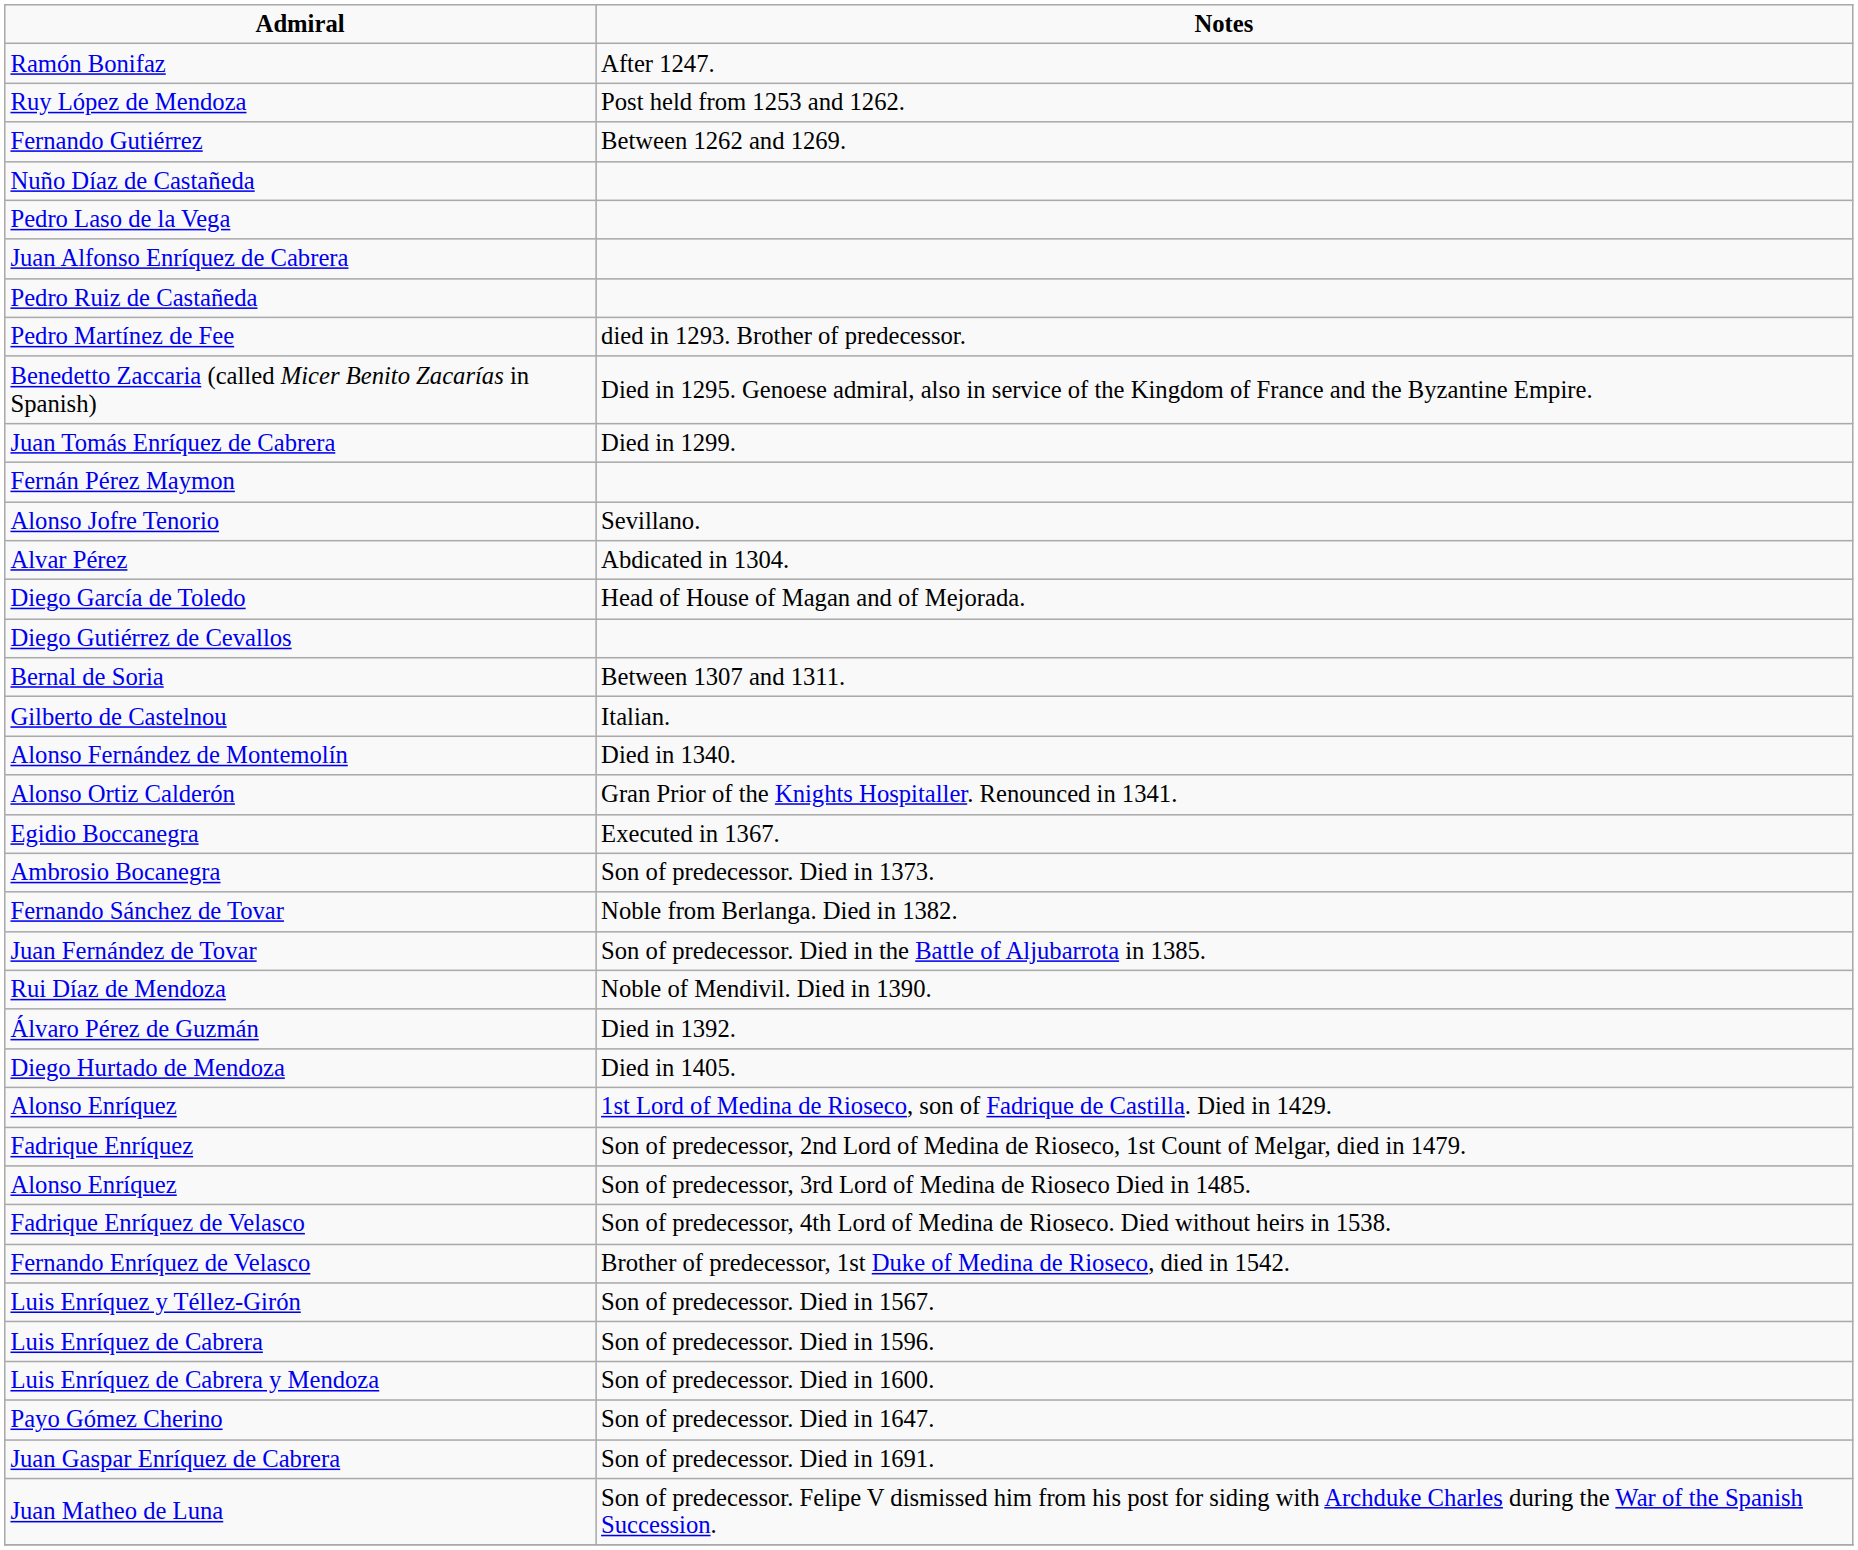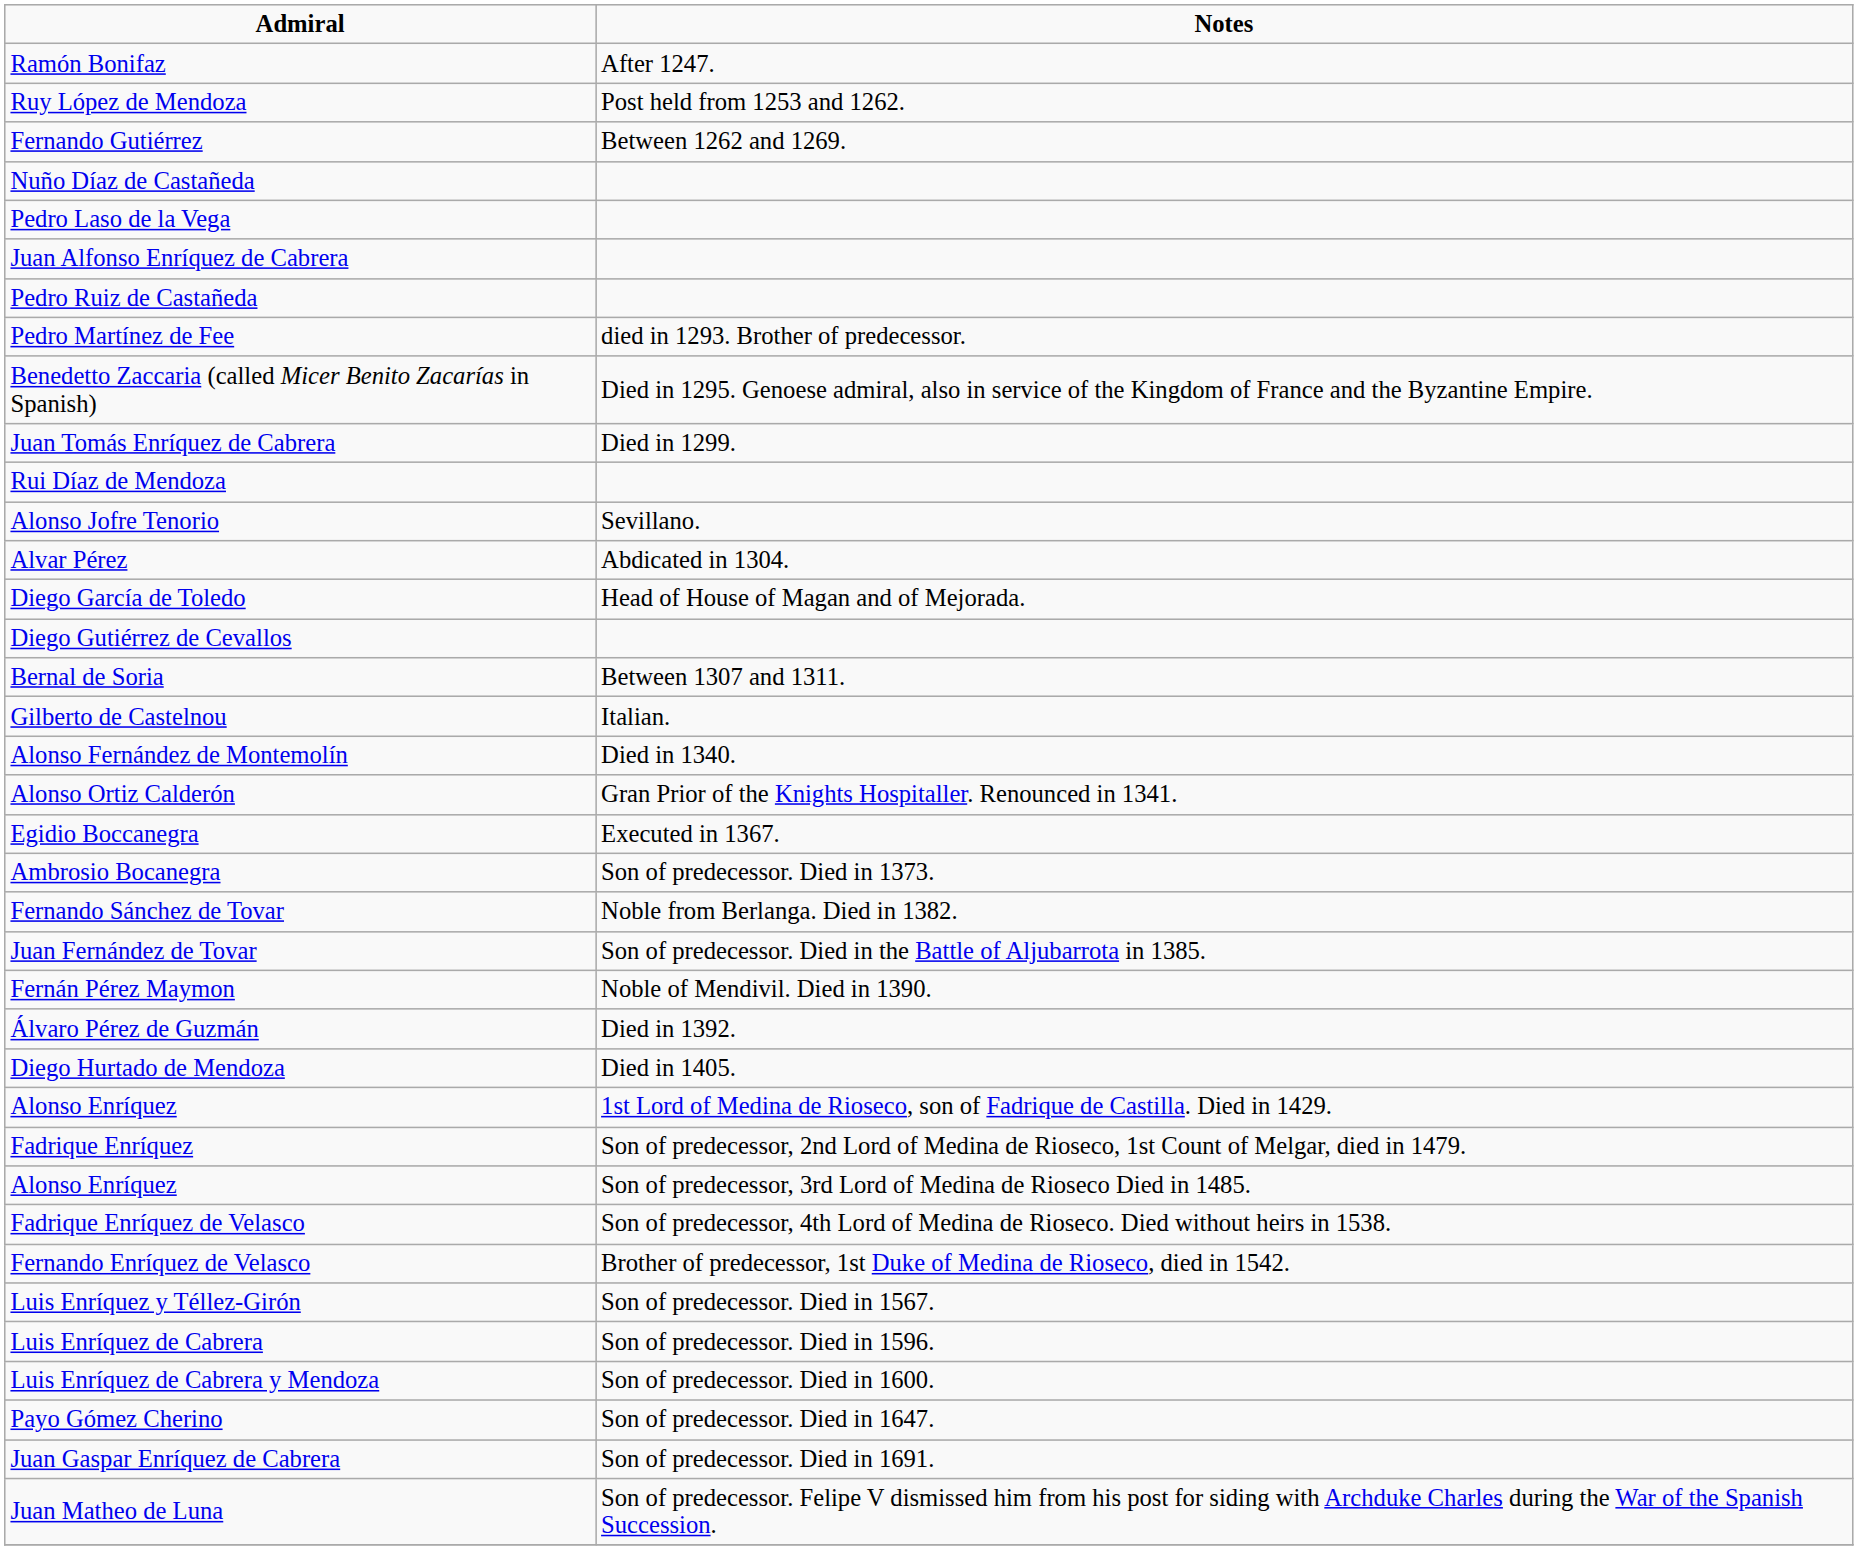 <table class="wikitable" align=center width=95%>
 <tr>
 <td align=center><strong>Admiral</strong></td>
 <td align=center><strong>Notes</strong></td>
 </tr>
 <tr>
 <td><a href='#'>Ramón Bonifaz</a></td>
 <td>After 1247.</td>
 </tr>
 <tr>
 <td><a href='#'>Ruy López de Mendoza</a></td>
 <td>Post held from 1253 and 1262.</td>
 </tr>
 <tr>
 <td><a href='#'>Fernando Gutiérrez</a></td>
 <td>Between 1262 and 1269.</td>
 </tr>
 <tr>
 <td><a href='#'>Nuño Díaz de Castañeda</a></td>
 <td></td>
 </tr>
 <tr>
 <td><a href='#'>Pedro Laso de la Vega</a></td>
 <td></td>
 </tr>
 <tr>
 <td><a href='#'>Juan Alfonso Enríquez de Cabrera</a></td>
 <td></td>
 </tr>
 <tr>
 <td><a href='#'>Pedro Ruiz de Castañeda</a></td>
 <td></td>
 </tr>
 <tr>
 <td><a href='#'>Pedro Martínez de Fee</a></td>
 <td>died in 1293. Brother of predecessor.</td>
 </tr>
 <tr>
 <td><a href='#'>Benedetto Zaccaria</a> (called <em>Micer Benito Zacarías</em> in Spanish)</td>
 <td>Died in 1295. Genoese admiral, also in service of the Kingdom of France and the Byzantine Empire.</td>
 </tr>
 <tr>
 <td><a href='#'>Juan Tomás Enríquez de Cabrera</a></td>
 <td>Died in 1299.</td>
 </tr>
 <tr>
-<td><a href='#'>Fernán Pérez Maymon</a></td>
+<td><a href='#'>Rui Díaz de Mendoza</a></td>
 <td></td>
 </tr>
 <tr>
 <td><a href='#'>Alonso Jofre Tenorio</a></td>
 <td>Sevillano.</td>
 </tr>
 <tr>
 <td><a href='#'>Alvar Pérez</a></td>
 <td>Abdicated in 1304.</td>
 </tr>
 <tr>
 <td><a href='#'>Diego García de Toledo</a></td>
 <td>Head of House of Magan and of Mejorada.</td>
 </tr>
 <tr>
 <td><a href='#'>Diego Gutiérrez de Cevallos</a></td>
 <td></td>
 </tr>
 <tr>
 <td><a href='#'>Bernal de Soria</a></td>
 <td>Between 1307 and 1311.</td>
 </tr>
 <tr>
 <td><a href='#'>Gilberto de Castelnou</a></td>
 <td>Italian.</td>
 </tr>
 <tr>
 <td><a href='#'>Alonso Fernández de Montemolín</a></td>
 <td>Died in 1340.</td>
 </tr>
 <tr>
 <td><a href='#'>Alonso Ortiz Calderón</a></td>
 <td>Gran Prior of the <a href='#'>Knights Hospitaller</a>. Renounced in 1341.</td>
 </tr>
 <tr>
 <td><a href='#'>Egidio Boccanegra</a></td>
 <td>Executed in 1367.</td>
 </tr>
 <tr>
 <td><a href='#'>Ambrosio Bocanegra</a></td>
 <td>Son of predecessor. Died in 1373.</td>
 </tr>
 <tr>
 <td><a href='#'>Fernando Sánchez de Tovar</a></td>
 <td>Noble from Berlanga. Died in 1382.</td>
 </tr>
 <tr>
 <td><a href='#'>Juan Fernández de Tovar</a></td>
 <td>Son of predecessor. Died in the <a href='#'>Battle of Aljubarrota</a> in 1385.</td>
 </tr>
 <tr>
-<td><a href='#'>Rui Díaz de Mendoza</a></td>
+<td><a href='#'>Fernán Pérez Maymon</a></td>
 <td>Noble of Mendivil. Died in 1390.</td>
 </tr>
 <tr>
 <td><a href='#'>Álvaro Pérez de Guzmán</a></td>
 <td>Died in 1392.</td>
 </tr>
 <tr>
 <td><a href='#'>Diego Hurtado de Mendoza</a></td>
 <td>Died in 1405.</td>
 </tr>
 <tr>
 <td><a href='#'>Alonso Enríquez</a></td>
 <td><a href='#'>1st Lord of Medina de Rioseco</a>, son of <a href='#'>Fadrique de Castilla</a>. Died in 1429.</td>
 </tr>
 <tr>
 <td><a href='#'>Fadrique Enríquez</a></td>
 <td>Son of predecessor, 2nd Lord of Medina de Rioseco, 1st Count of Melgar, died in 1479.</td>
 </tr>
 <tr>
 <td><a href='#'>Alonso Enríquez</a></td>
 <td>Son of predecessor, 3rd Lord of Medina de Rioseco Died in 1485.</td>
 </tr>
 <tr>
 <td><a href='#'>Fadrique Enríquez de Velasco</a></td>
 <td>Son of predecessor, 4th Lord of Medina de Rioseco. Died without heirs in 1538.</td>
 </tr>
 <tr>
 <td><a href='#'>Fernando Enríquez de Velasco</a></td>
 <td>Brother of predecessor, 1st <a href='#'>Duke of Medina de Rioseco</a>, died in 1542.</td>
 </tr>
 <tr>
 <td><a href='#'>Luis Enríquez y Téllez-Girón</a></td>
 <td>Son of predecessor. Died in 1567.</td>
 </tr>
 <tr>
 <td><a href='#'>Luis Enríquez de Cabrera</a></td>
 <td>Son of predecessor. Died in 1596.</td>
 </tr>
 <tr>
 <td><a href='#'>Luis Enríquez de Cabrera y Mendoza</a></td>
 <td>Son of predecessor. Died in 1600.</td>
 </tr>
 <tr>
 <td><a href='#'>Payo Gómez Cherino</a></td>
 <td>Son of predecessor. Died in 1647.</td>
 </tr>
 <tr>
 <td><a href='#'>Juan Gaspar Enríquez de Cabrera</a></td>
 <td>Son of predecessor. Died in 1691.</td>
 </tr>
 <tr>
 <td><a href='#'>Juan Matheo de Luna</a></td>
 <td>Son of predecessor. Felipe V dismissed him from his post for siding with <a href='#'>Archduke Charles</a> during the <a href='#'>War of the Spanish Succession</a>.</td>
 </tr>
 <tr>
 </tr>
 </table>
